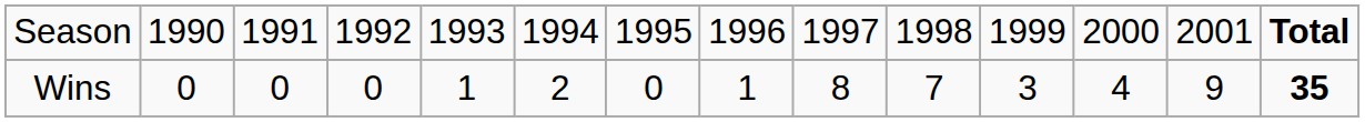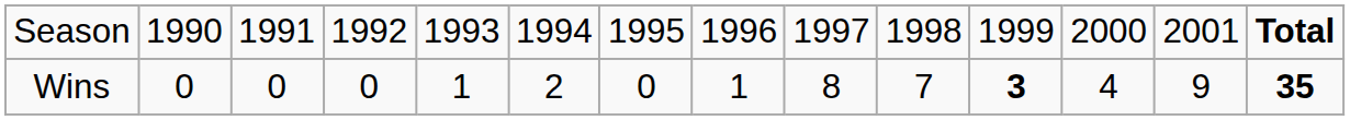 <table class="wikitable sortable">
 <tr>
 <td>Season</td>
 <td>1990</td>
 <td>1991</td>
 <td>1992</td>
 <td>1993</td>
 <td>1994</td>
 <td>1995</td>
 <td>1996</td>
 <td>1997</td>
 <td>1998</td>
 <td>1999</td>
 <td>2000</td>
 <td>2001</td>
 <td><strong>Total</strong></td>
 </tr>
 <tr align=center>
 <td>Wins</td>
 <td>0</td>
 <td>0</td>
 <td>0</td>
 <td>1</td>
 <td>2</td>
 <td>0</td>
 <td>1</td>
 <td>8</td>
 <td>7</td>
-<td>3</td>
+<td><strong>3</strong></td>
 <td>4</td>
 <td>9</td>
 <td><strong>35</strong></td>
 </tr>
 </table>
